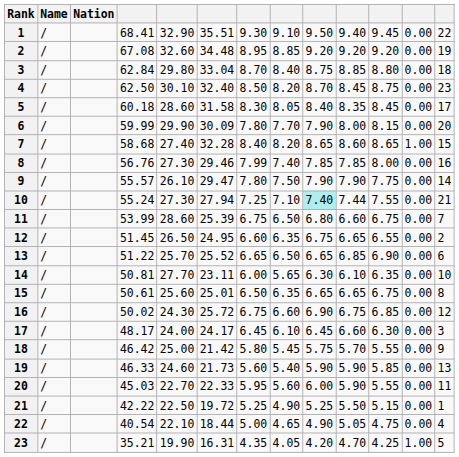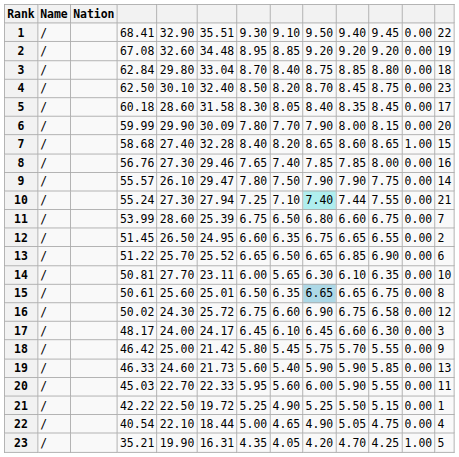 <table class="wikitable sortable">
 <tr>
 <th>Rank</th>
 <th>Name</th>
 <th>Nation</th>
 <th></th>
 <th></th>
 <th></th>
 <th></th>
 <th></th>
 <th></th>
 <th></th>
 <th></th>
 <th></th>
 <th></th>
 </tr>
 <tr>
 <th>1</th>
 <td> / </td>
 <td></td>
 <td>68.41</td>
 <td>32.90</td>
 <td>35.51</td>
 <td>9.30</td>
 <td>9.10</td>
 <td>9.50</td>
 <td>9.40</td>
 <td>9.45</td>
 <td>0.00</td>
 <td>22</td>
 </tr>
 <tr>
 <th>2</th>
 <td> / </td>
 <td></td>
 <td>67.08</td>
 <td>32.60</td>
 <td>34.48</td>
 <td>8.95</td>
 <td>8.85</td>
 <td>9.20</td>
 <td>9.20</td>
 <td>9.20</td>
 <td>0.00</td>
 <td>19</td>
 </tr>
 <tr>
 <th>3</th>
 <td> / </td>
 <td></td>
 <td>62.84</td>
 <td>29.80</td>
 <td>33.04</td>
 <td>8.70</td>
 <td>8.40</td>
 <td>8.75</td>
 <td>8.85</td>
 <td>8.80</td>
 <td>0.00</td>
 <td>18</td>
 </tr>
 <tr>
 <th>4</th>
 <td> / </td>
 <td></td>
 <td>62.50</td>
 <td>30.10</td>
 <td>32.40</td>
 <td>8.50</td>
 <td>8.20</td>
 <td>8.70</td>
 <td>8.45</td>
 <td>8.75</td>
 <td>0.00</td>
 <td>23</td>
 </tr>
 <tr>
 <th>5</th>
 <td> / </td>
 <td></td>
 <td>60.18</td>
 <td>28.60</td>
 <td>31.58</td>
 <td>8.30</td>
 <td>8.05</td>
 <td>8.40</td>
 <td>8.35</td>
 <td>8.45</td>
 <td>0.00</td>
 <td>17</td>
 </tr>
 <tr>
 <th>6</th>
 <td> / </td>
 <td></td>
 <td>59.99</td>
 <td>29.90</td>
 <td>30.09</td>
 <td>7.80</td>
 <td>7.70</td>
 <td>7.90</td>
 <td>8.00</td>
 <td>8.15</td>
 <td>0.00</td>
 <td>20</td>
 </tr>
 <tr>
 <th>7</th>
 <td> / </td>
 <td></td>
 <td>58.68</td>
 <td>27.40</td>
 <td>32.28</td>
 <td>8.40</td>
 <td>8.20</td>
 <td>8.65</td>
 <td>8.60</td>
 <td>8.65</td>
 <td>1.00</td>
 <td>15</td>
 </tr>
 <tr>
 <th>8</th>
 <td> / </td>
 <td></td>
 <td>56.76</td>
 <td>27.30</td>
 <td>29.46</td>
-<td>7.99</td>
+<td>7.65</td>
 <td>7.40</td>
 <td>7.85</td>
 <td>7.85</td>
 <td>8.00</td>
 <td>0.00</td>
 <td>16</td>
 </tr>
 <tr>
 <th>9</th>
 <td> / </td>
 <td></td>
 <td>55.57</td>
 <td>26.10</td>
 <td>29.47</td>
 <td>7.80</td>
 <td>7.50</td>
 <td>7.90</td>
 <td>7.90</td>
 <td>7.75</td>
 <td>0.00</td>
 <td>14</td>
 </tr>
 <tr>
 <th>10</th>
 <td> / </td>
 <td></td>
 <td>55.24</td>
 <td>27.30</td>
 <td>27.94</td>
 <td>7.25</td>
 <td>7.10</td>
 <td style="background: paleturquoise;">7.40</td>
 <td>7.44</td>
 <td>7.55</td>
 <td>0.00</td>
 <td>21</td>
 </tr>
 <tr>
 <th>11</th>
 <td> / </td>
 <td></td>
 <td>53.99</td>
 <td>28.60</td>
 <td>25.39</td>
 <td>6.75</td>
 <td>6.50</td>
 <td>6.80</td>
 <td>6.60</td>
 <td>6.75</td>
 <td>0.00</td>
 <td>7</td>
 </tr>
 <tr>
 <th>12</th>
 <td> / </td>
 <td></td>
 <td>51.45</td>
 <td>26.50</td>
 <td>24.95</td>
 <td>6.60</td>
 <td>6.35</td>
 <td>6.75</td>
 <td>6.65</td>
 <td>6.55</td>
 <td>0.00</td>
 <td>2</td>
 </tr>
 <tr>
 <th>13</th>
 <td> / </td>
 <td></td>
 <td>51.22</td>
 <td>25.70</td>
 <td>25.52</td>
 <td>6.65</td>
 <td>6.50</td>
 <td>6.65</td>
 <td>6.85</td>
 <td>6.90</td>
 <td>0.00</td>
 <td>6</td>
 </tr>
 <tr>
 <th>14</th>
 <td> / </td>
 <td></td>
 <td>50.81</td>
 <td>27.70</td>
 <td>23.11</td>
 <td>6.00</td>
 <td>5.65</td>
 <td>6.30</td>
 <td>6.10</td>
 <td>6.35</td>
 <td>0.00</td>
 <td>10</td>
 </tr>
 <tr>
 <th>15</th>
 <td> / </td>
 <td></td>
 <td>50.61</td>
 <td>25.60</td>
 <td>25.01</td>
 <td>6.50</td>
 <td>6.35</td>
-<td>6.65</td>
+<td style="background: lightblue;">6.65</td>
 <td>6.65</td>
 <td>6.75</td>
 <td>0.00</td>
 <td>8</td>
 </tr>
 <tr>
 <th>16</th>
 <td> / </td>
 <td></td>
 <td>50.02</td>
 <td>24.30</td>
 <td>25.72</td>
 <td>6.75</td>
 <td>6.60</td>
 <td>6.90</td>
 <td>6.75</td>
-<td>6.85</td>
+<td>6.58</td>
 <td>0.00</td>
 <td>12</td>
 </tr>
 <tr>
 <th>17</th>
 <td> / </td>
 <td></td>
 <td>48.17</td>
 <td>24.00</td>
 <td>24.17</td>
 <td>6.45</td>
 <td>6.10</td>
 <td>6.45</td>
 <td>6.60</td>
 <td>6.30</td>
 <td>0.00</td>
 <td>3</td>
 </tr>
 <tr>
 <th>18</th>
 <td> / </td>
 <td></td>
 <td>46.42</td>
 <td>25.00</td>
 <td>21.42</td>
 <td>5.80</td>
 <td>5.45</td>
 <td>5.75</td>
 <td>5.70</td>
 <td>5.55</td>
 <td>0.00</td>
 <td>9</td>
 </tr>
 <tr>
 <th>19</th>
 <td> / </td>
 <td></td>
 <td>46.33</td>
 <td>24.60</td>
 <td>21.73</td>
 <td>5.60</td>
 <td>5.40</td>
 <td>5.90</td>
 <td>5.90</td>
 <td>5.85</td>
 <td>0.00</td>
 <td>13</td>
 </tr>
 <tr>
 <th>20</th>
 <td> / </td>
 <td></td>
 <td>45.03</td>
 <td>22.70</td>
 <td>22.33</td>
 <td>5.95</td>
 <td>5.60</td>
 <td>6.00</td>
 <td>5.90</td>
 <td>5.55</td>
 <td>0.00</td>
 <td>11</td>
 </tr>
 <tr>
 <th>21</th>
 <td> / </td>
 <td></td>
 <td>42.22</td>
 <td>22.50</td>
 <td>19.72</td>
 <td>5.25</td>
 <td>4.90</td>
 <td>5.25</td>
 <td>5.50</td>
 <td>5.15</td>
 <td>0.00</td>
 <td>1</td>
 </tr>
 <tr>
 <th>22</th>
 <td> / </td>
 <td></td>
 <td>40.54</td>
 <td>22.10</td>
 <td>18.44</td>
 <td>5.00</td>
 <td>4.65</td>
 <td>4.90</td>
 <td>5.05</td>
 <td>4.75</td>
 <td>0.00</td>
 <td>4</td>
 </tr>
 <tr>
 <th>23</th>
 <td> / </td>
 <td></td>
 <td>35.21</td>
 <td>19.90</td>
 <td>16.31</td>
 <td>4.35</td>
 <td>4.05</td>
 <td>4.20</td>
 <td>4.70</td>
 <td>4.25</td>
 <td>1.00</td>
 <td>5</td>
 </tr>
 </table>
